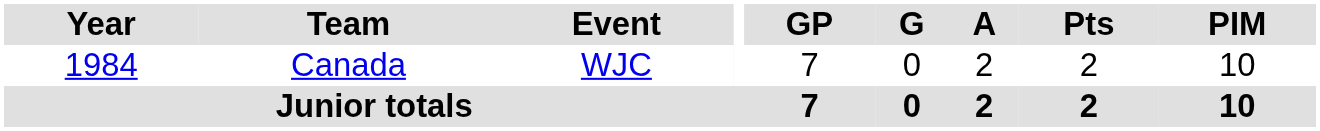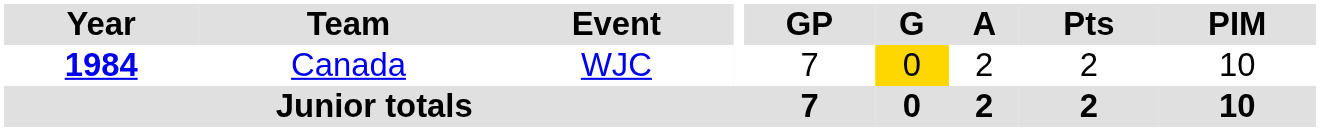 <table border="0" cellpadding="1" cellspacing="0" ID="Table3" style="text-align:center; width:40em">
 <tr bgcolor="#e0e0e0">
 <th>Year</th>
 <th>Team</th>
 <th>Event</th>
 <th rowspan="102" bgcolor="#ffffff"></th>
 <th>GP</th>
 <th>G</th>
 <th>A</th>
 <th>Pts</th>
 <th>PIM</th>
 </tr>
 <tr>
-<td><a href='#'>1984</a></td>
+<td><strong><a href='#'>1984</a></strong></td>
 <td><a href='#'>Canada</a></td>
 <td><a href='#'>WJC</a></td>
 <td>7</td>
-<td>0</td>
+<td style="background: gold;">0</td>
 <td>2</td>
 <td>2</td>
 <td>10</td>
 </tr>
 <tr bgcolor="#e0e0e0">
 <th colspan="4">Junior totals</th>
 <th>7</th>
 <th>0</th>
 <th>2</th>
 <th>2</th>
 <th>10</th>
 </tr>
 </table>
